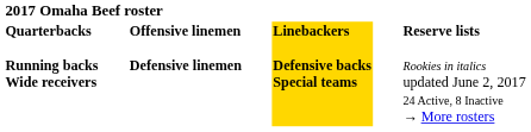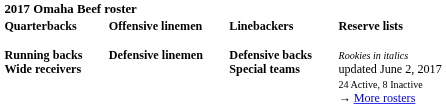 <table class="toccolours" style="text-align: left;">
 <tr>
 <th colspan=7><strong>2017 Omaha Beef roster</strong></th>
 </tr>
 <tr>
 <td style="font-size: 95%;vertical-align:top;"><strong>Quarterbacks</strong><br> <br><strong>Running backs</strong> <br><strong>Wide receivers</strong>    </td>
 <td style="width: 25px;"></td>
 <td style="font-size: 95%;vertical-align:top;"><strong>Offensive linemen</strong><br>   <br><strong>Defensive linemen</strong>    </td>
 <td style="width: 25px;"></td>
-<td style="background: gold; font-size: 95%;vertical-align:top;"><strong>Linebackers</strong><br> <br><strong>Defensive backs</strong>      <br><strong>Special teams</strong> </td>
+<td style="font-size: 95%;vertical-align:top;"><strong>Linebackers</strong><br> <br><strong>Defensive backs</strong>      <br><strong>Special teams</strong> </td>
 <td style="width: 25px;"></td>
 <td style="font-size: 95%;vertical-align:top;"><strong>Reserve lists</strong><br>       <br><small><em>Rookies in italics</em></small><br>  updated June 2, 2017<br> <small>24 Active, 8 Inactive</small><br>→ <a href='#'>More rosters</a></td>
 </tr>
 <tr>
 </tr>
 </table>
